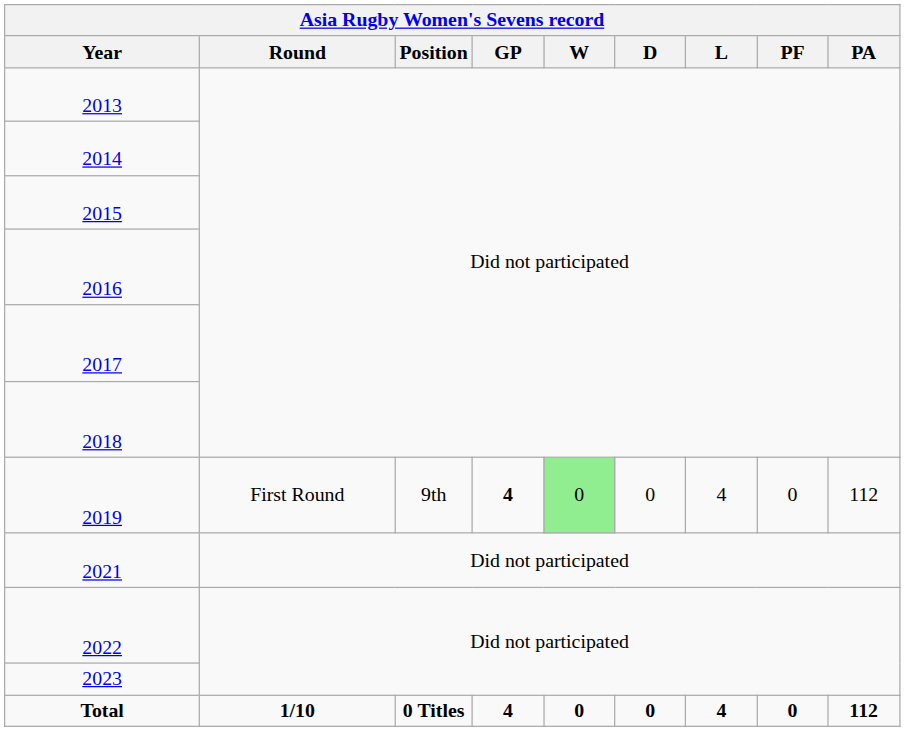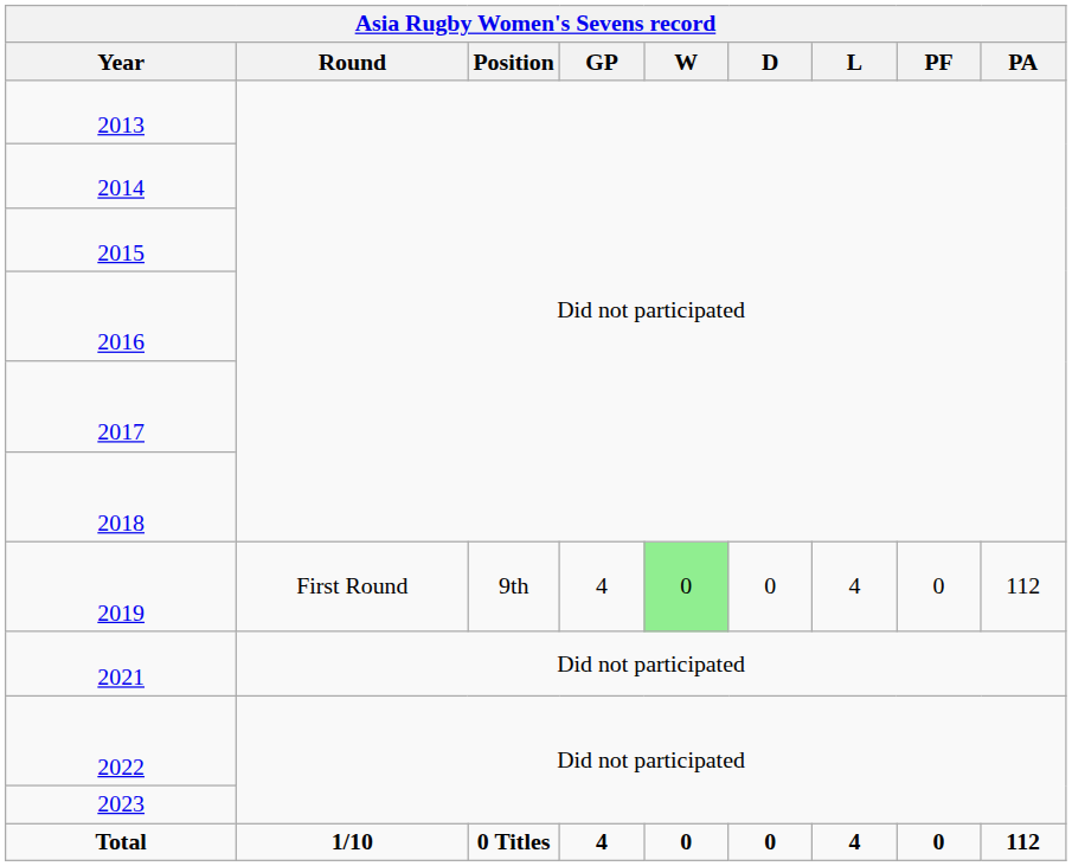 <table class="wikitable" style="text-align: center;">
 <tr>
 <th colspan=9><a href='#'>Asia Rugby Women's Sevens record</a></th>
 </tr>
 <tr>
 <th width=150>Year</th>
 <th width=150>Round</th>
 <th width=50>Position</th>
 <th width=50>GP</th>
 <th width=50>W</th>
 <th width=50>D</th>
 <th width=50>L</th>
 <th width=50>PF</th>
 <th width=50>PA</th>
 </tr>
 <tr>
 <td><br> <a href='#'>2013</a></td>
 <td colspan=12  rowspan=6>Did not participated</td>
 </tr>
 <tr>
 <td><br> <a href='#'>2014</a></td>
 </tr>
 <tr>
 <td><br> <a href='#'>2015</a></td>
 </tr>
 <tr>
 <td><br><br> <a href='#'>2016</a></td>
 </tr>
 <tr>
 <td><br><br> <a href='#'>2017</a></td>
 </tr>
 <tr>
 <td><br><br> <a href='#'>2018</a></td>
 </tr>
 <tr>
 <td><br><br> <a href='#'>2019</a></td>
 <td>First Round</td>
 <td>9th</td>
-<td><strong>4</strong></td>
+<td>4</td>
 <td style="background: lightgreen;">0</td>
 <td>0</td>
 <td>4</td>
 <td>0</td>
 <td>112</td>
 </tr>
 <tr>
 <td><br> <a href='#'>2021</a></td>
 <td colspan=9  rowspan=1>Did not participated</td>
 </tr>
 <tr>
 <td><br><br> <a href='#'>2022</a></td>
 <td colspan=9  rowspan=2>Did not participated</td>
 </tr>
 <tr>
 <td> <a href='#'>2023</a></td>
 </tr>
 <tr>
 <td><strong>Total</strong></td>
 <td><strong>1/10</strong></td>
 <td><strong>0 Titles</strong></td>
 <td><strong>4</strong></td>
 <td><strong>0</strong></td>
 <td><strong>0</strong></td>
 <td><strong>4</strong></td>
 <td><strong>0</strong></td>
 <td><strong>112</strong></td>
 </tr>
 </table>
